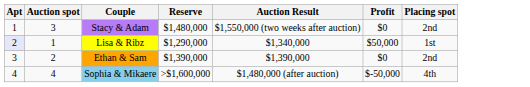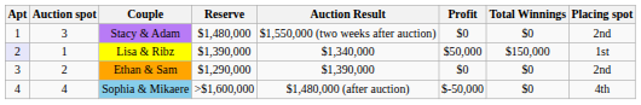 <table class="wikitable" style="text-align: center" |>
 <tr>
 <th>Apt</th>
 <th>Auction spot</th>
 <th>Couple</th>
 <th>Reserve</th>
 <th>Auction Result</th>
 <th>Profit</th>
+<th>Total Winnings</th>
 <th>Placing spot</th>
 </tr>
 <tr>
 <td>1</td>
 <td>3</td>
 <td style="background-color: #B87BF6;">Stacy & Adam</td>
 <td>$1,480,000</td>
 <td>$1,550,000 (two weeks after auction)</td>
 <td>$0</td>
+<td>$0</td>
 <td>2nd</td>
 </tr>
 <tr>
 <td style="background: lavender;">2</td>
 <td>1</td>
 <td style="background-color:  Yellow; ">Lisa & Ribz</td>
-<td>$1,290,000</td>
+<td>$1,390,000</td>
 <td>$1,340,000</td>
 <td>$50,000</td>
+<td>$150,000</td>
 <td>1st</td>
 </tr>
 <tr>
 <td>3</td>
 <td>2</td>
 <td style='background:Orange;'>Ethan & Sam</td>
+<td>$1,290,000</td>
 <td>$1,390,000</td>
-<td>$1,390,000</td>
+<td>$0</td>
 <td>$0</td>
 <td>2nd</td>
 </tr>
 <tr>
 <td>4</td>
 <td>4</td>
 <td style="background-color: skyblue;">Sophia & Mikaere</td>
 <td>>$1,600,000</td>
 <td>$1,480,000 (after auction)</td>
 <td>$-50,000</td>
+<td>$0</td>
 <td>4th</td>
 </tr>
 </table>
